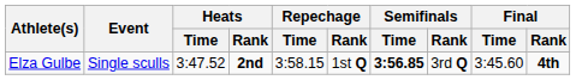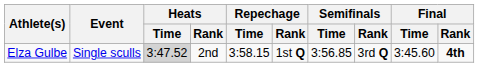 <table class="wikitable" style="font-size:90%">
 <tr>
 <th rowspan="2">Athlete(s)</th>
 <th rowspan="2">Event</th>
 <th colspan="2">Heats</th>
 <th colspan="2">Repechage</th>
 <th colspan="2">Semifinals</th>
 <th colspan="2">Final</th>
 </tr>
 <tr>
 <th>Time</th>
 <th>Rank</th>
 <th>Time</th>
 <th>Rank</th>
 <th>Time</th>
 <th>Rank</th>
 <th>Time</th>
 <th>Rank</th>
 </tr>
 <tr>
 <td><a href='#'>Elza Gulbe</a></td>
 <td><a href='#'>Single sculls</a></td>
-<td align="center">3:47.52</td>
-<td align="center"><strong>2nd</strong></td>
+<td align="center" style="background: lightgrey;">3:47.52</td>
+<td align="center">2nd</td>
 <td align="center">3:58.15</td>
 <td align="center">1st <strong>Q</strong></td>
-<td align="center"><strong>3:56.85</strong></td>
+<td align="center">3:56.85</td>
 <td align="center">3rd <strong>Q</strong></td>
 <td align="center">3:45.60</td>
 <td align="center"><strong>4th</strong></td>
 </tr>
 </table>
